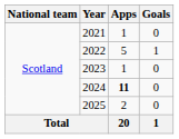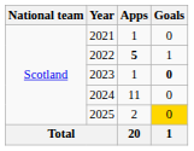 <table class=wikitable style="text-align: center">
 <tr>
 <th>National team</th>
 <th>Year</th>
 <th>Apps</th>
 <th>Goals</th>
 </tr>
 <tr>
 <td rowspan="5"><a href='#'>Scotland</a></td>
 <td>2021</td>
 <td>1</td>
 <td>0</td>
 </tr>
 <tr>
 <td>2022</td>
-<td>5</td>
+<td><strong>5</strong></td>
 <td>1</td>
 </tr>
 <tr>
 <td>2023</td>
 <td>1</td>
-<td>0</td>
+<td><strong>0</strong></td>
 </tr>
 <tr>
 <td>2024</td>
-<td><strong>11</strong></td>
+<td>11</td>
 <td>0</td>
 </tr>
 <tr>
 <td>2025</td>
 <td>2</td>
-<td>0</td>
+<td style="background: gold;">0</td>
 </tr>
 <tr>
 <th colspan="2">Total</th>
 <th>20</th>
 <th>1</th>
 </tr>
 </table>
